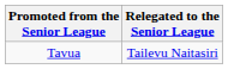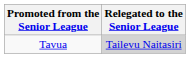 <table class="wikitable">
 <tr>
 <th> Promoted from the<br><a href='#'>Senior League</a></th>
 <th> Relegated to the<br><a href='#'>Senior League</a></th>
 </tr>
 <tr>
 <td align="center"><a href='#'>Tavua</a></td>
-<td align="center"><a href='#'>Tailevu Naitasiri</a></td>
+<td align="center" style="background: lightgrey;"><a href='#'>Tailevu Naitasiri</a></td>
 </tr>
 </table>
